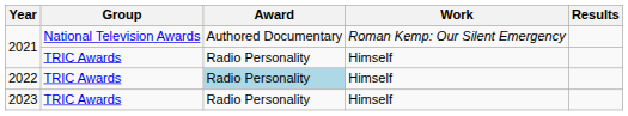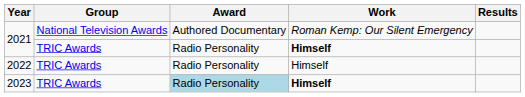 <table class="wikitable">
 <tr>
 <th>Year</th>
 <th>Group</th>
 <th>Award</th>
 <th>Work</th>
 <th>Results</th>
 </tr>
 <tr>
 <td rowspan="2">2021</td>
 <td><a href='#'>National Television Awards</a></td>
 <td>Authored Documentary</td>
 <td><em>Roman Kemp: Our Silent Emergency</em></td>
 <td></td>
 </tr>
 <tr>
 <td><a href='#'>TRIC Awards</a></td>
 <td>Radio Personality</td>
-<td>Himself</td>
+<td><strong>Himself</strong></td>
 <td></td>
 </tr>
 <tr>
 <td>2022</td>
 <td><a href='#'>TRIC Awards</a></td>
-<td style="background: lightblue;">Radio Personality</td>
+<td>Radio Personality</td>
 <td>Himself</td>
 <td></td>
 </tr>
 <tr>
 <td>2023</td>
 <td><a href='#'>TRIC Awards</a></td>
-<td>Radio Personality</td>
-<td>Himself</td>
+<td style="background: lightblue;">Radio Personality</td>
+<td><strong>Himself</strong></td>
 <td></td>
 </tr>
 </table>
